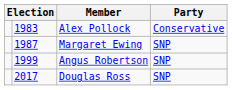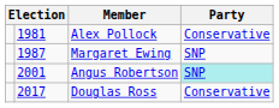 <table class="wikitable">
 <tr>
 <th colspan="2">Election</th>
 <th>Member</th>
 <th>Party</th>
 </tr>
 <tr>
 <td style="color:inherit;background-color: "></td>
-<td><a href='#'>1983</a></td>
+<td><a href='#'>1981</a></td>
 <td><a href='#'>Alex Pollock</a></td>
 <td><a href='#'>Conservative</a></td>
 </tr>
 <tr>
 <td style="color:inherit;background-color: "></td>
 <td><a href='#'>1987</a></td>
 <td><a href='#'>Margaret Ewing</a></td>
 <td><a href='#'>SNP</a></td>
 </tr>
 <tr>
 <td style="color:inherit;background-color: "></td>
-<td><a href='#'>1999</a></td>
+<td><a href='#'>2001</a></td>
 <td><a href='#'>Angus Robertson</a></td>
-<td><a href='#'>SNP</a></td>
+<td style="background: paleturquoise;"><a href='#'>SNP</a></td>
 </tr>
 <tr>
 <td style="color:inherit;background-color: "></td>
 <td><a href='#'>2017</a></td>
 <td><a href='#'>Douglas Ross</a></td>
-<td><a href='#'>SNP</a></td>
+<td><a href='#'>Conservative</a></td>
 </tr>
 </table>
